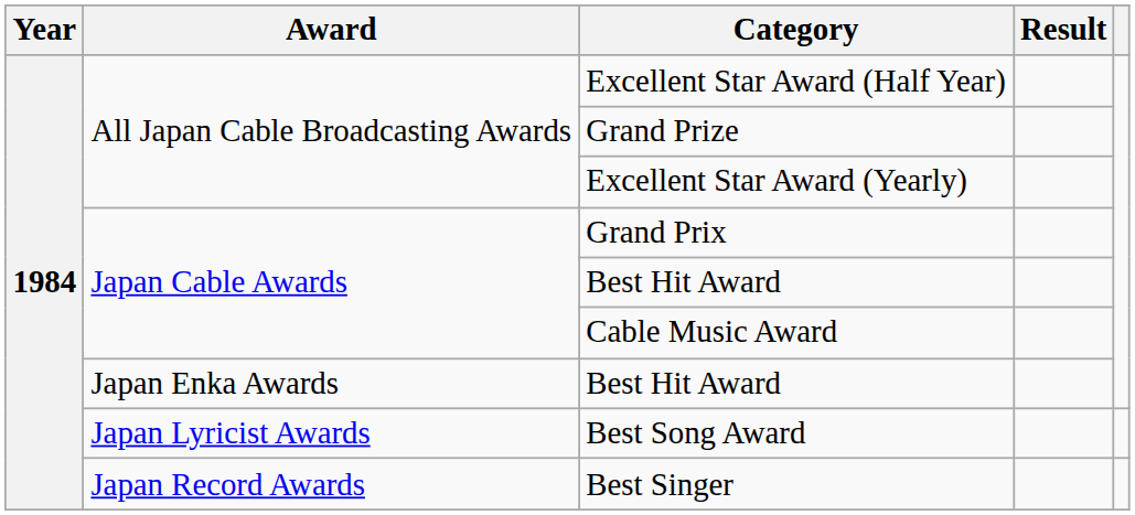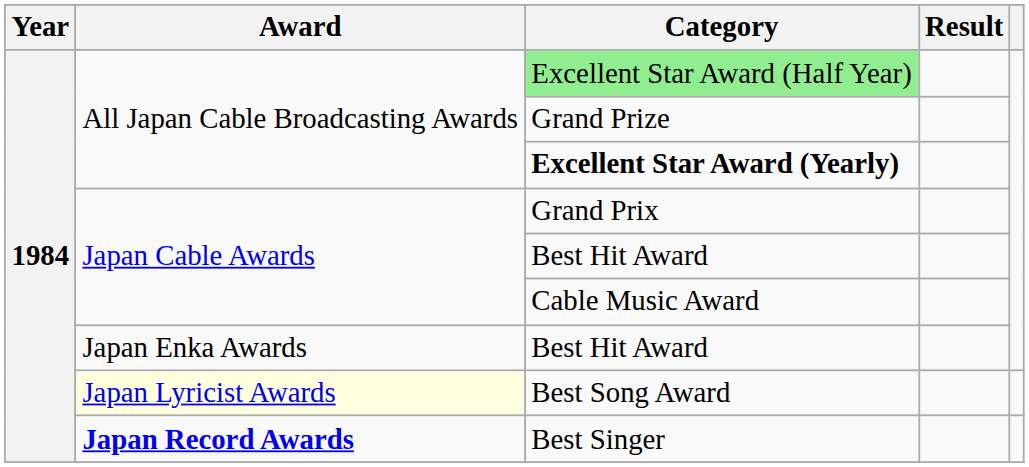 <table class="wikitable plainrowheaders sortable">
 <tr>
 <th>Year</th>
 <th>Award</th>
 <th>Category</th>
 <th>Result</th>
 <th class="unsortable"></th>
 </tr>
 <tr>
 <th scope="row" rowspan="9">1984</th>
 <td rowspan="3">All Japan Cable Broadcasting Awards</td>
-<td>Excellent Star Award (Half Year)</td>
+<td style="background: lightgreen;">Excellent Star Award (Half Year)</td>
 <td></td>
 <td align="center" rowspan="7"></td>
 </tr>
 <tr>
 <td>Grand Prize</td>
 <td></td>
 </tr>
 <tr>
-<td>Excellent Star Award (Yearly)</td>
+<td><strong>Excellent Star Award (Yearly)</strong></td>
 <td></td>
 </tr>
 <tr>
 <td rowspan="3"><a href='#'>Japan Cable Awards</a></td>
 <td>Grand Prix</td>
 <td></td>
 </tr>
 <tr>
 <td>Best Hit Award</td>
 <td></td>
 </tr>
 <tr>
 <td>Cable Music Award</td>
 <td></td>
 </tr>
 <tr>
 <td>Japan Enka Awards</td>
 <td>Best Hit Award</td>
 <td></td>
 </tr>
 <tr>
-<td><a href='#'>Japan Lyricist Awards</a></td>
+<td style="background: lightyellow;"><a href='#'>Japan Lyricist Awards</a></td>
 <td>Best Song Award</td>
 <td></td>
 <td></td>
 </tr>
 <tr>
-<td><a href='#'>Japan Record Awards</a></td>
+<td><strong><a href='#'>Japan Record Awards</a></strong></td>
 <td>Best Singer</td>
 <td></td>
 <td></td>
 </tr>
 </table>
